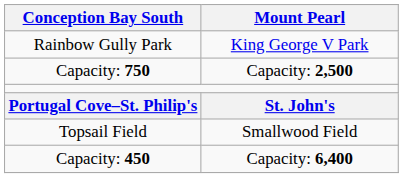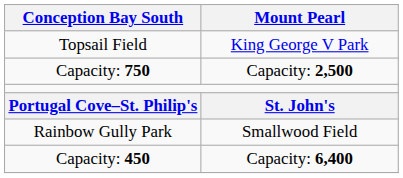 <table class="wikitable" style="text-align:center">
 <tr>
 <th width=50%><a href='#'>Conception Bay South</a></th>
 <th width=50%><a href='#'>Mount Pearl</a></th>
 </tr>
 <tr>
-<td>Rainbow Gully Park</td>
+<td>Topsail Field</td>
 <td><a href='#'>King George V Park</a></td>
 </tr>
 <tr>
 <td>Capacity: <strong>750</strong></td>
 <td>Capacity: <strong>2,500</strong></td>
 </tr>
 <tr>
 <td colspan=2></td>
 </tr>
 <tr>
 <th width=50%><a href='#'>Portugal Cove–St. Philip's</a></th>
 <th width=50%><a href='#'>St. John's</a></th>
 </tr>
 <tr>
-<td>Topsail Field</td>
+<td>Rainbow Gully Park</td>
 <td>Smallwood Field</td>
 </tr>
 <tr>
 <td>Capacity: <strong>450</strong></td>
 <td>Capacity: <strong>6,400</strong></td>
 </tr>
 <tr>
 </tr>
 </table>
